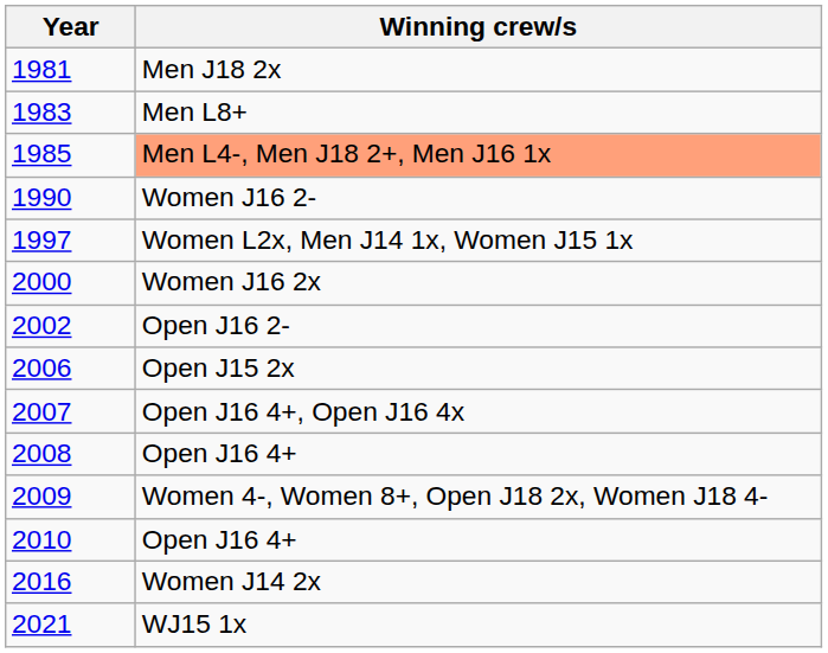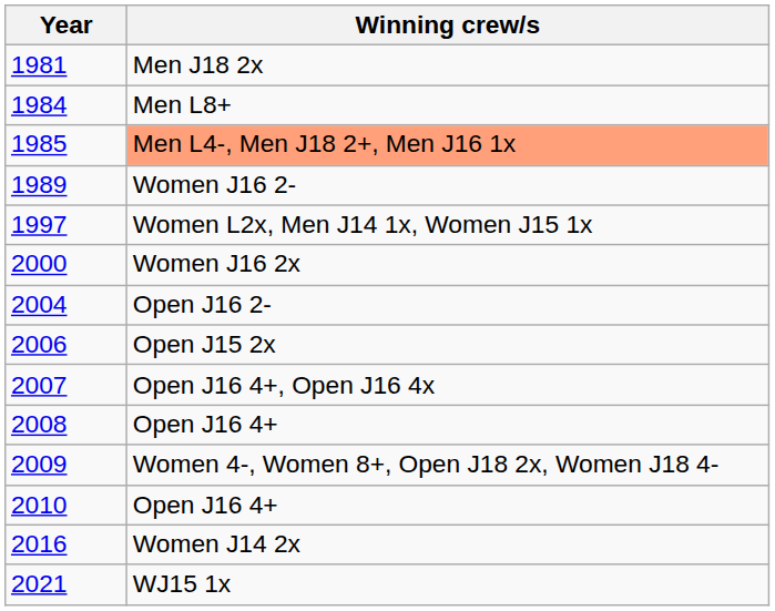 <table class="wikitable">
 <tr>
 <th width=70>Year</th>
 <th width=400>Winning crew/s</th>
 </tr>
 <tr>
 <td><a href='#'>1981</a></td>
 <td>Men J18 2x</td>
 </tr>
 <tr>
-<td><a href='#'>1983</a></td>
+<td><a href='#'>1984</a></td>
 <td>Men L8+</td>
 </tr>
 <tr>
 <td><a href='#'>1985</a></td>
 <td style="background: lightsalmon;">Men L4-, Men J18 2+, Men J16 1x</td>
 </tr>
 <tr>
-<td><a href='#'>1990</a></td>
+<td><a href='#'>1989</a></td>
 <td>Women J16 2-</td>
 </tr>
 <tr>
 <td><a href='#'>1997</a></td>
 <td>Women L2x, Men J14 1x, Women J15 1x</td>
 </tr>
 <tr>
 <td><a href='#'>2000</a></td>
 <td>Women J16 2x </td>
 </tr>
 <tr>
-<td><a href='#'>2002</a></td>
+<td><a href='#'>2004</a></td>
 <td>Open J16 2- </td>
 </tr>
 <tr>
 <td><a href='#'>2006</a></td>
 <td>Open J15 2x</td>
 </tr>
 <tr>
 <td><a href='#'>2007</a></td>
 <td>Open J16 4+, Open J16 4x </td>
 </tr>
 <tr>
 <td><a href='#'>2008</a></td>
 <td>Open J16 4+ </td>
 </tr>
 <tr>
 <td><a href='#'>2009</a></td>
 <td>Women 4-, Women 8+, Open J18 2x, Women J18 4- </td>
 </tr>
 <tr>
 <td><a href='#'>2010</a></td>
 <td>Open J16 4+ </td>
 </tr>
 <tr>
 <td><a href='#'>2016</a></td>
 <td>Women J14 2x</td>
 </tr>
 <tr>
 <td><a href='#'>2021</a></td>
 <td>WJ15 1x</td>
 </tr>
 </table>
